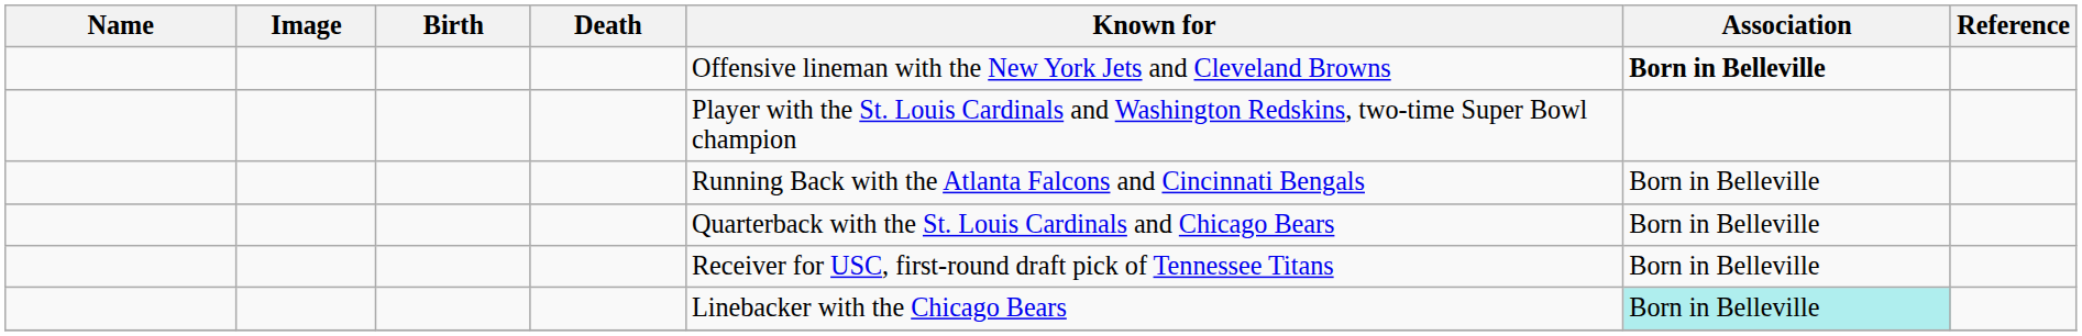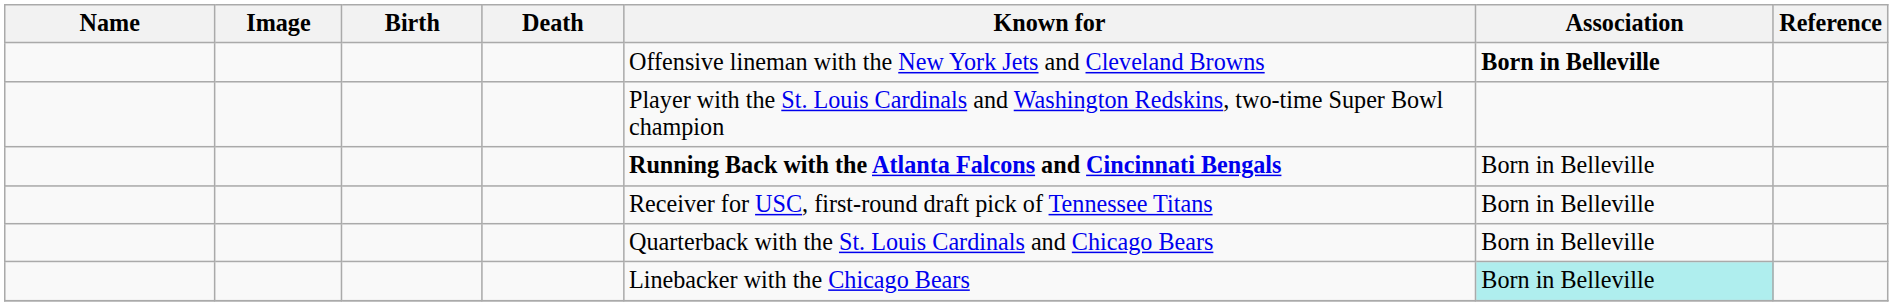 <table class="wikitable sortable">
 <tr>
 <th scope="col" width="140">Name</th>
 <th scope="col" width="80" class="unsortable">Image</th>
 <th scope="col" width="90">Birth</th>
 <th scope="col" width="90">Death</th>
 <th scope="col" width="600" class="unsortable">Known for</th>
 <th scope="col" width="200" class="unsortable">Association</th>
 <th scope="col" width="30" class="unsortable">Reference</th>
 </tr>
 <tr>
 <td></td>
 <td></td>
 <td align=right></td>
 <td></td>
 <td>Offensive lineman with the <a href='#'>New York Jets</a> and <a href='#'>Cleveland Browns</a></td>
 <td><strong>Born in Belleville</strong></td>
 <td align="center"></td>
 </tr>
 <tr>
 <td></td>
 <td></td>
 <td align=right></td>
 <td></td>
 <td>Player with the <a href='#'>St. Louis Cardinals</a> and <a href='#'>Washington Redskins</a>, two-time Super Bowl champion</td>
 <td></td>
 <td align="center"></td>
 </tr>
 <tr>
 <td></td>
 <td></td>
 <td align=right></td>
 <td></td>
-<td>Running Back with the <a href='#'>Atlanta Falcons</a> and <a href='#'>Cincinnati Bengals</a></td>
+<td><strong>Running Back with the <a href='#'>Atlanta Falcons</a> and <a href='#'>Cincinnati Bengals</a></strong></td>
+<td>Born in Belleville</td>
+<td align="center"></td>
+</tr>
+<tr>
+<td></td>
+<td></td>
+<td align=right></td>
+<td></td>
+<td>Receiver for <a href='#'>USC</a>, first-round draft pick of <a href='#'>Tennessee Titans</a></td>
 <td>Born in Belleville</td>
 <td align="center"></td>
 </tr>
 <tr>
 <td></td>
 <td></td>
 <td align=right></td>
 <td></td>
 <td>Quarterback with the <a href='#'>St. Louis Cardinals</a> and <a href='#'>Chicago Bears</a></td>
 <td>Born in Belleville</td>
 <td align="center"></td>
 </tr>
 <tr>
 <td></td>
 <td></td>
 <td align=right></td>
 <td></td>
-<td>Receiver for <a href='#'>USC</a>, first-round draft pick of <a href='#'>Tennessee Titans</a></td>
-<td>Born in Belleville</td>
-<td align="center"></td>
-</tr>
-<tr>
-<td></td>
-<td></td>
-<td align=right></td>
-<td></td>
 <td>Linebacker with the <a href='#'>Chicago Bears</a></td>
 <td style="background: paleturquoise;">Born in Belleville</td>
 <td align="center"></td>
 </tr>
 <tr>
 </tr>
 </table>
